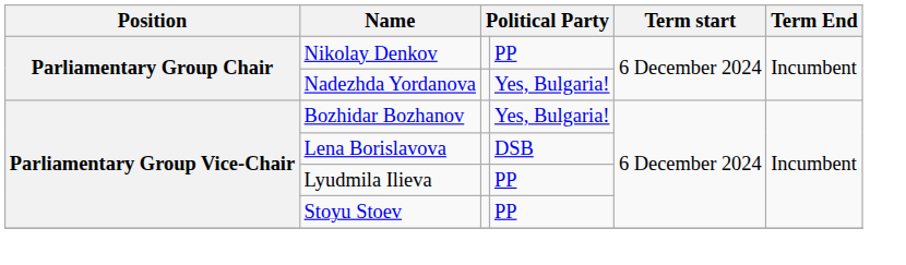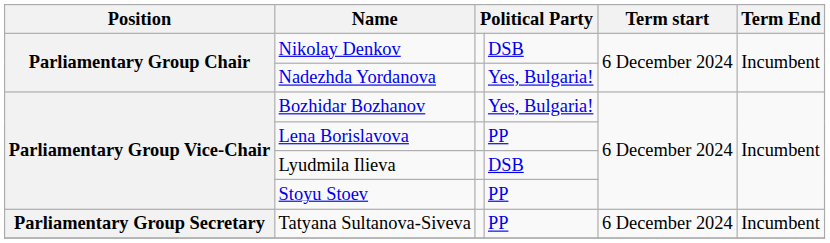 <table class="wikitable plainrowheaders">
 <tr>
 <th>Position</th>
 <th>Name</th>
 <th colspan="2">Political Party</th>
 <th>Term start</th>
 <th>Term End</th>
 </tr>
 <tr>
 <th rowspan ="2">Parliamentary Group Chair</th>
 <td><a href='#'>Nikolay Denkov</a></td>
 <td style="background:"></td>
-<td><a href='#'>PP</a></td>
+<td><a href='#'>DSB</a></td>
 <td rowspan = "2">6 December 2024</td>
 <td rowspan = "2">Incumbent</td>
 </tr>
 <tr>
 <td><a href='#'>Nadezhda Yordanova</a></td>
 <td style="background:"></td>
 <td><a href='#'>Yes, Bulgaria!</a></td>
 </tr>
 <tr>
 <th rowspan = "4">Parliamentary Group Vice-Chair</th>
 <td><a href='#'>Bozhidar Bozhanov</a></td>
 <td style="background:"></td>
 <td><a href='#'>Yes, Bulgaria!</a></td>
 <td rowspan = "4">6 December 2024</td>
 <td rowspan = "4">Incumbent</td>
 </tr>
 <tr>
 <td><a href='#'>Lena Borislavova</a></td>
 <td style="background:"></td>
-<td><a href='#'>DSB</a></td>
+<td><a href='#'>PP</a></td>
 </tr>
 <tr>
 <td>Lyudmila Ilieva</td>
 <td style="background:"></td>
-<td><a href='#'>PP</a></td>
+<td><a href='#'>DSB</a></td>
 </tr>
 <tr>
 <td><a href='#'>Stoyu Stoev</a></td>
 <td style="background:"></td>
 <td><a href='#'>PP</a></td>
 </tr>
 <tr>
+<th>Parliamentary Group Secretary</th>
+<td>Tatyana Sultanova-Siveva</td>
+<td style="background:"></td>
+<td><a href='#'>PP</a></td>
+<td>6 December 2024</td>
+<td>Incumbent</td>
+</tr>
+<tr>
 </tr>
 </table>
